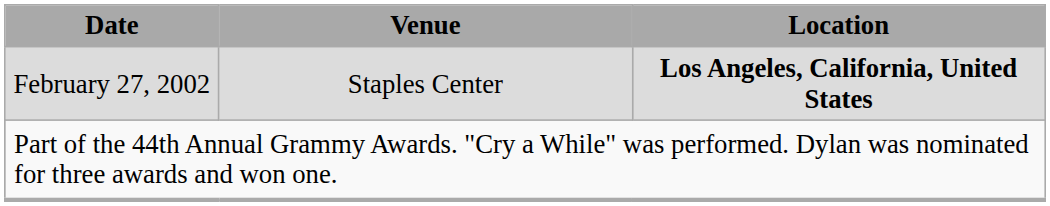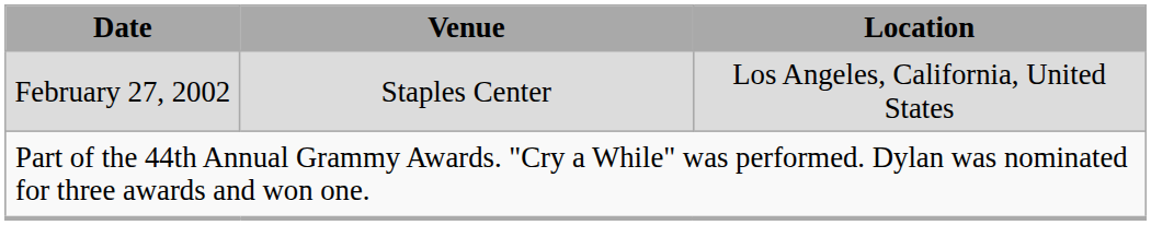 <table class="wikitable" style="width:100%; text-align:center;">
 <tr>
 <th style="width:100px; background:darkGrey;">Date</th>
 <th style="width:200px; background:darkGrey;">Venue</th>
 <th style="width:200px; background:darkGrey;">Location</th>
 </tr>
 <tr style="background:#DCDCDC;">
 <td>February 27, 2002</td>
 <td>Staples Center</td>
-<td><strong>Los Angeles, California, United States</strong></td>
+<td>Los Angeles, California, United States</td>
 </tr>
 <tr>
 <td colspan="5" style="border-bottom-width:3px; padding:5px; text-align:left;">Part of the 44th Annual Grammy Awards. "Cry a While" was performed. Dylan was nominated for three awards and won one.</td>
 </tr>
 <tr>
 </tr>
 </table>
